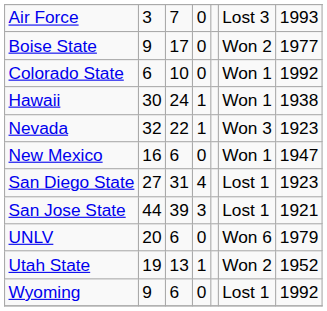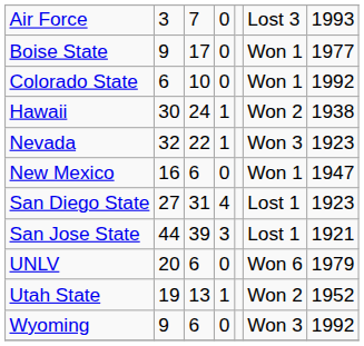 <table class="wikitable">
 <tr>
 </tr>
 <tr>
 <td><a href='#'>Air Force</a></td>
 <td>3</td>
 <td>7</td>
 <td>0</td>
 <td></td>
 <td>Lost 3</td>
 <td>1993</td>
 </tr>
 <tr>
 <td><a href='#'>Boise State</a></td>
 <td>9</td>
 <td>17</td>
 <td>0</td>
 <td></td>
-<td>Won 2</td>
+<td>Won 1</td>
 <td>1977</td>
 </tr>
 <tr>
 <td><a href='#'>Colorado State</a></td>
 <td>6</td>
 <td>10</td>
 <td>0</td>
 <td></td>
 <td>Won 1</td>
 <td>1992</td>
 </tr>
 <tr>
 <td><a href='#'>Hawaii</a></td>
 <td>30</td>
 <td>24</td>
 <td>1</td>
 <td></td>
-<td>Won 1</td>
+<td>Won 2</td>
 <td>1938</td>
 </tr>
 <tr>
 <td><a href='#'>Nevada</a></td>
 <td>32</td>
 <td>22</td>
 <td>1</td>
 <td></td>
 <td>Won 3</td>
 <td>1923</td>
 </tr>
 <tr>
 <td><a href='#'>New Mexico</a></td>
 <td>16</td>
 <td>6</td>
 <td>0</td>
 <td></td>
 <td>Won 1</td>
 <td>1947</td>
 </tr>
 <tr>
 <td><a href='#'>San Diego State</a></td>
 <td>27</td>
 <td>31</td>
 <td>4</td>
 <td></td>
 <td>Lost 1</td>
 <td>1923</td>
 </tr>
 <tr>
 <td><a href='#'>San Jose State</a></td>
 <td>44</td>
 <td>39</td>
 <td>3</td>
 <td></td>
 <td>Lost 1</td>
 <td>1921</td>
 </tr>
 <tr>
 <td><a href='#'>UNLV</a></td>
 <td>20</td>
 <td>6</td>
 <td>0</td>
 <td></td>
 <td>Won 6</td>
 <td>1979</td>
 </tr>
 <tr>
 <td><a href='#'>Utah State</a></td>
 <td>19</td>
 <td>13</td>
 <td>1</td>
 <td></td>
 <td>Won 2</td>
 <td>1952</td>
 </tr>
 <tr>
 <td><a href='#'>Wyoming</a></td>
 <td>9</td>
 <td>6</td>
 <td>0</td>
 <td></td>
-<td>Lost 1</td>
+<td>Won 3</td>
 <td>1992</td>
 </tr>
 <tr class="unsortable">
 </tr>
 </table>
